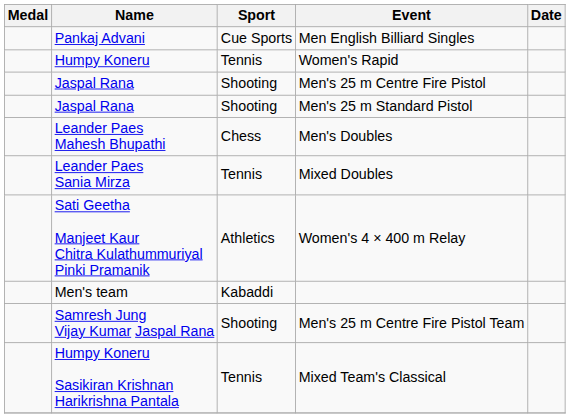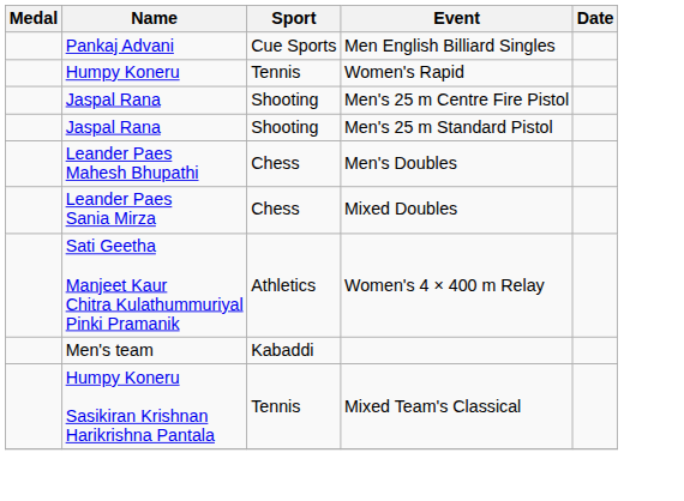 <table class="wikitable sortable">
 <tr>
 <th>Medal</th>
 <th>Name</th>
 <th>Sport</th>
 <th>Event</th>
 <th>Date</th>
 </tr>
 <tr>
 <td></td>
 <td><a href='#'>Pankaj Advani</a></td>
 <td>Cue Sports</td>
 <td>Men English Billiard Singles</td>
 <td></td>
 </tr>
 <tr>
 <td></td>
 <td><a href='#'>Humpy Koneru</a></td>
 <td>Tennis</td>
 <td>Women's Rapid</td>
 <td></td>
 </tr>
 <tr>
 <td></td>
 <td><a href='#'>Jaspal Rana</a></td>
 <td>Shooting</td>
 <td>Men's 25 m Centre Fire Pistol</td>
 <td></td>
 </tr>
 <tr>
 <td></td>
 <td><a href='#'>Jaspal Rana</a></td>
 <td>Shooting</td>
 <td>Men's 25 m Standard Pistol</td>
 <td></td>
 </tr>
 <tr>
 <td></td>
 <td><a href='#'>Leander Paes</a> <br> <a href='#'>Mahesh Bhupathi</a></td>
 <td>Chess</td>
 <td>Men's Doubles</td>
 <td></td>
 </tr>
 <tr>
 <td></td>
 <td><a href='#'>Leander Paes</a> <br> <a href='#'>Sania Mirza</a></td>
-<td>Tennis</td>
+<td>Chess</td>
 <td>Mixed Doubles</td>
 <td></td>
 </tr>
 <tr>
 <td></td>
 <td><a href='#'>Sati Geetha</a><br><br><a href='#'>Manjeet Kaur</a><br> <a href='#'>Chitra Kulathummuriyal</a><br> <a href='#'>Pinki Pramanik</a></td>
 <td>Athletics</td>
 <td>Women's 4 × 400 m Relay</td>
 <td></td>
 </tr>
 <tr>
 <td></td>
 <td>Men's team</td>
 <td>Kabaddi</td>
 <td></td>
 <td></td>
 </tr>
 <tr>
 <td></td>
-<td><a href='#'>Samresh Jung</a><br><a href='#'>Vijay Kumar</a> <a href='#'>Jaspal Rana</a></td>
-<td>Shooting</td>
-<td>Men's 25 m Centre Fire Pistol Team</td>
-<td></td>
-</tr>
-<tr>
-<td></td>
 <td><a href='#'>Humpy Koneru</a> <br><br><a href='#'>Sasikiran Krishnan</a> <br> <a href='#'>Harikrishna Pantala</a></td>
 <td>Tennis</td>
 <td>Mixed Team's Classical</td>
 <td></td>
 </tr>
 <tr>
 </tr>
 </table>
